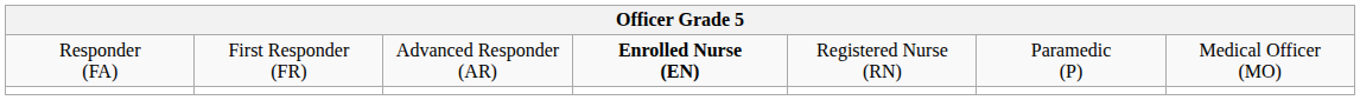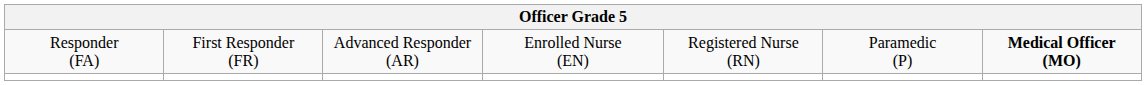 <table class="wikitable"  style="margin:0.5em auto; width:90%;">
 <tr>
 <th colspan=7>Officer Grade 5</th>
 </tr>
 <tr align=center>
 <td width="14%">Responder<br>(FA)</td>
 <td width="14%">First Responder<br>(FR)</td>
 <td width="14%">Advanced Responder<br>(AR)</td>
-<td width="16%"><strong>Enrolled Nurse<br>(EN)</strong></td>
+<td width="16%">Enrolled Nurse<br>(EN)</td>
 <td width="14%">Registered Nurse<br>(RN)</td>
 <td width="14%">Paramedic<br>(P)</td>
-<td width="14%">Medical Officer<br>(MO)</td>
+<td width="14%"><strong>Medical Officer<br>(MO)</strong></td>
 </tr>
 <tr style="text-align:center; background: white;">
 <td></td>
 <td></td>
 <td></td>
 <td></td>
 <td></td>
 <td></td>
 <td></td>
 </tr>
 </table>
